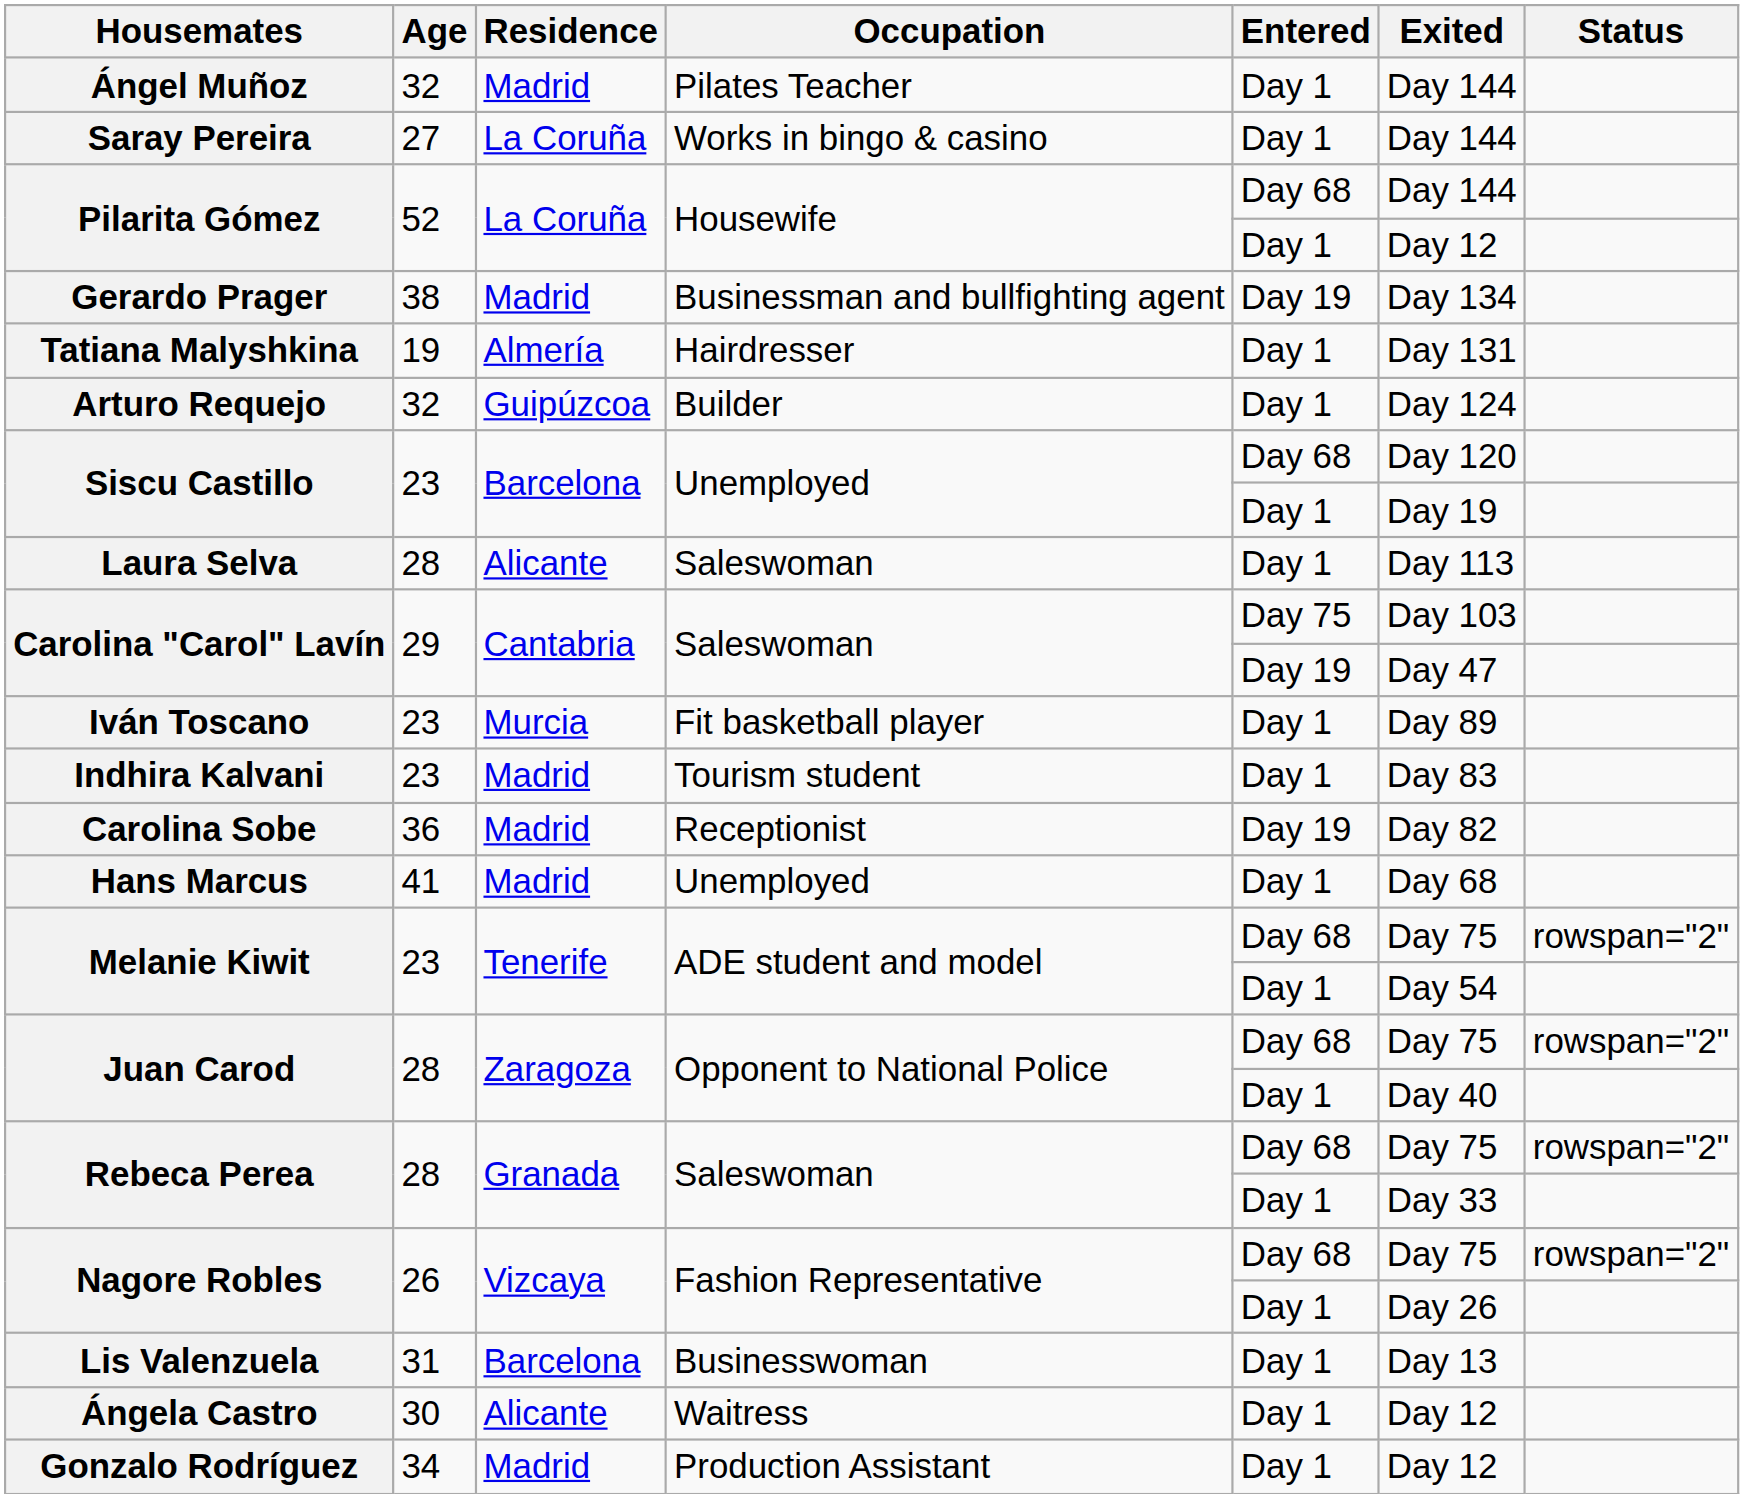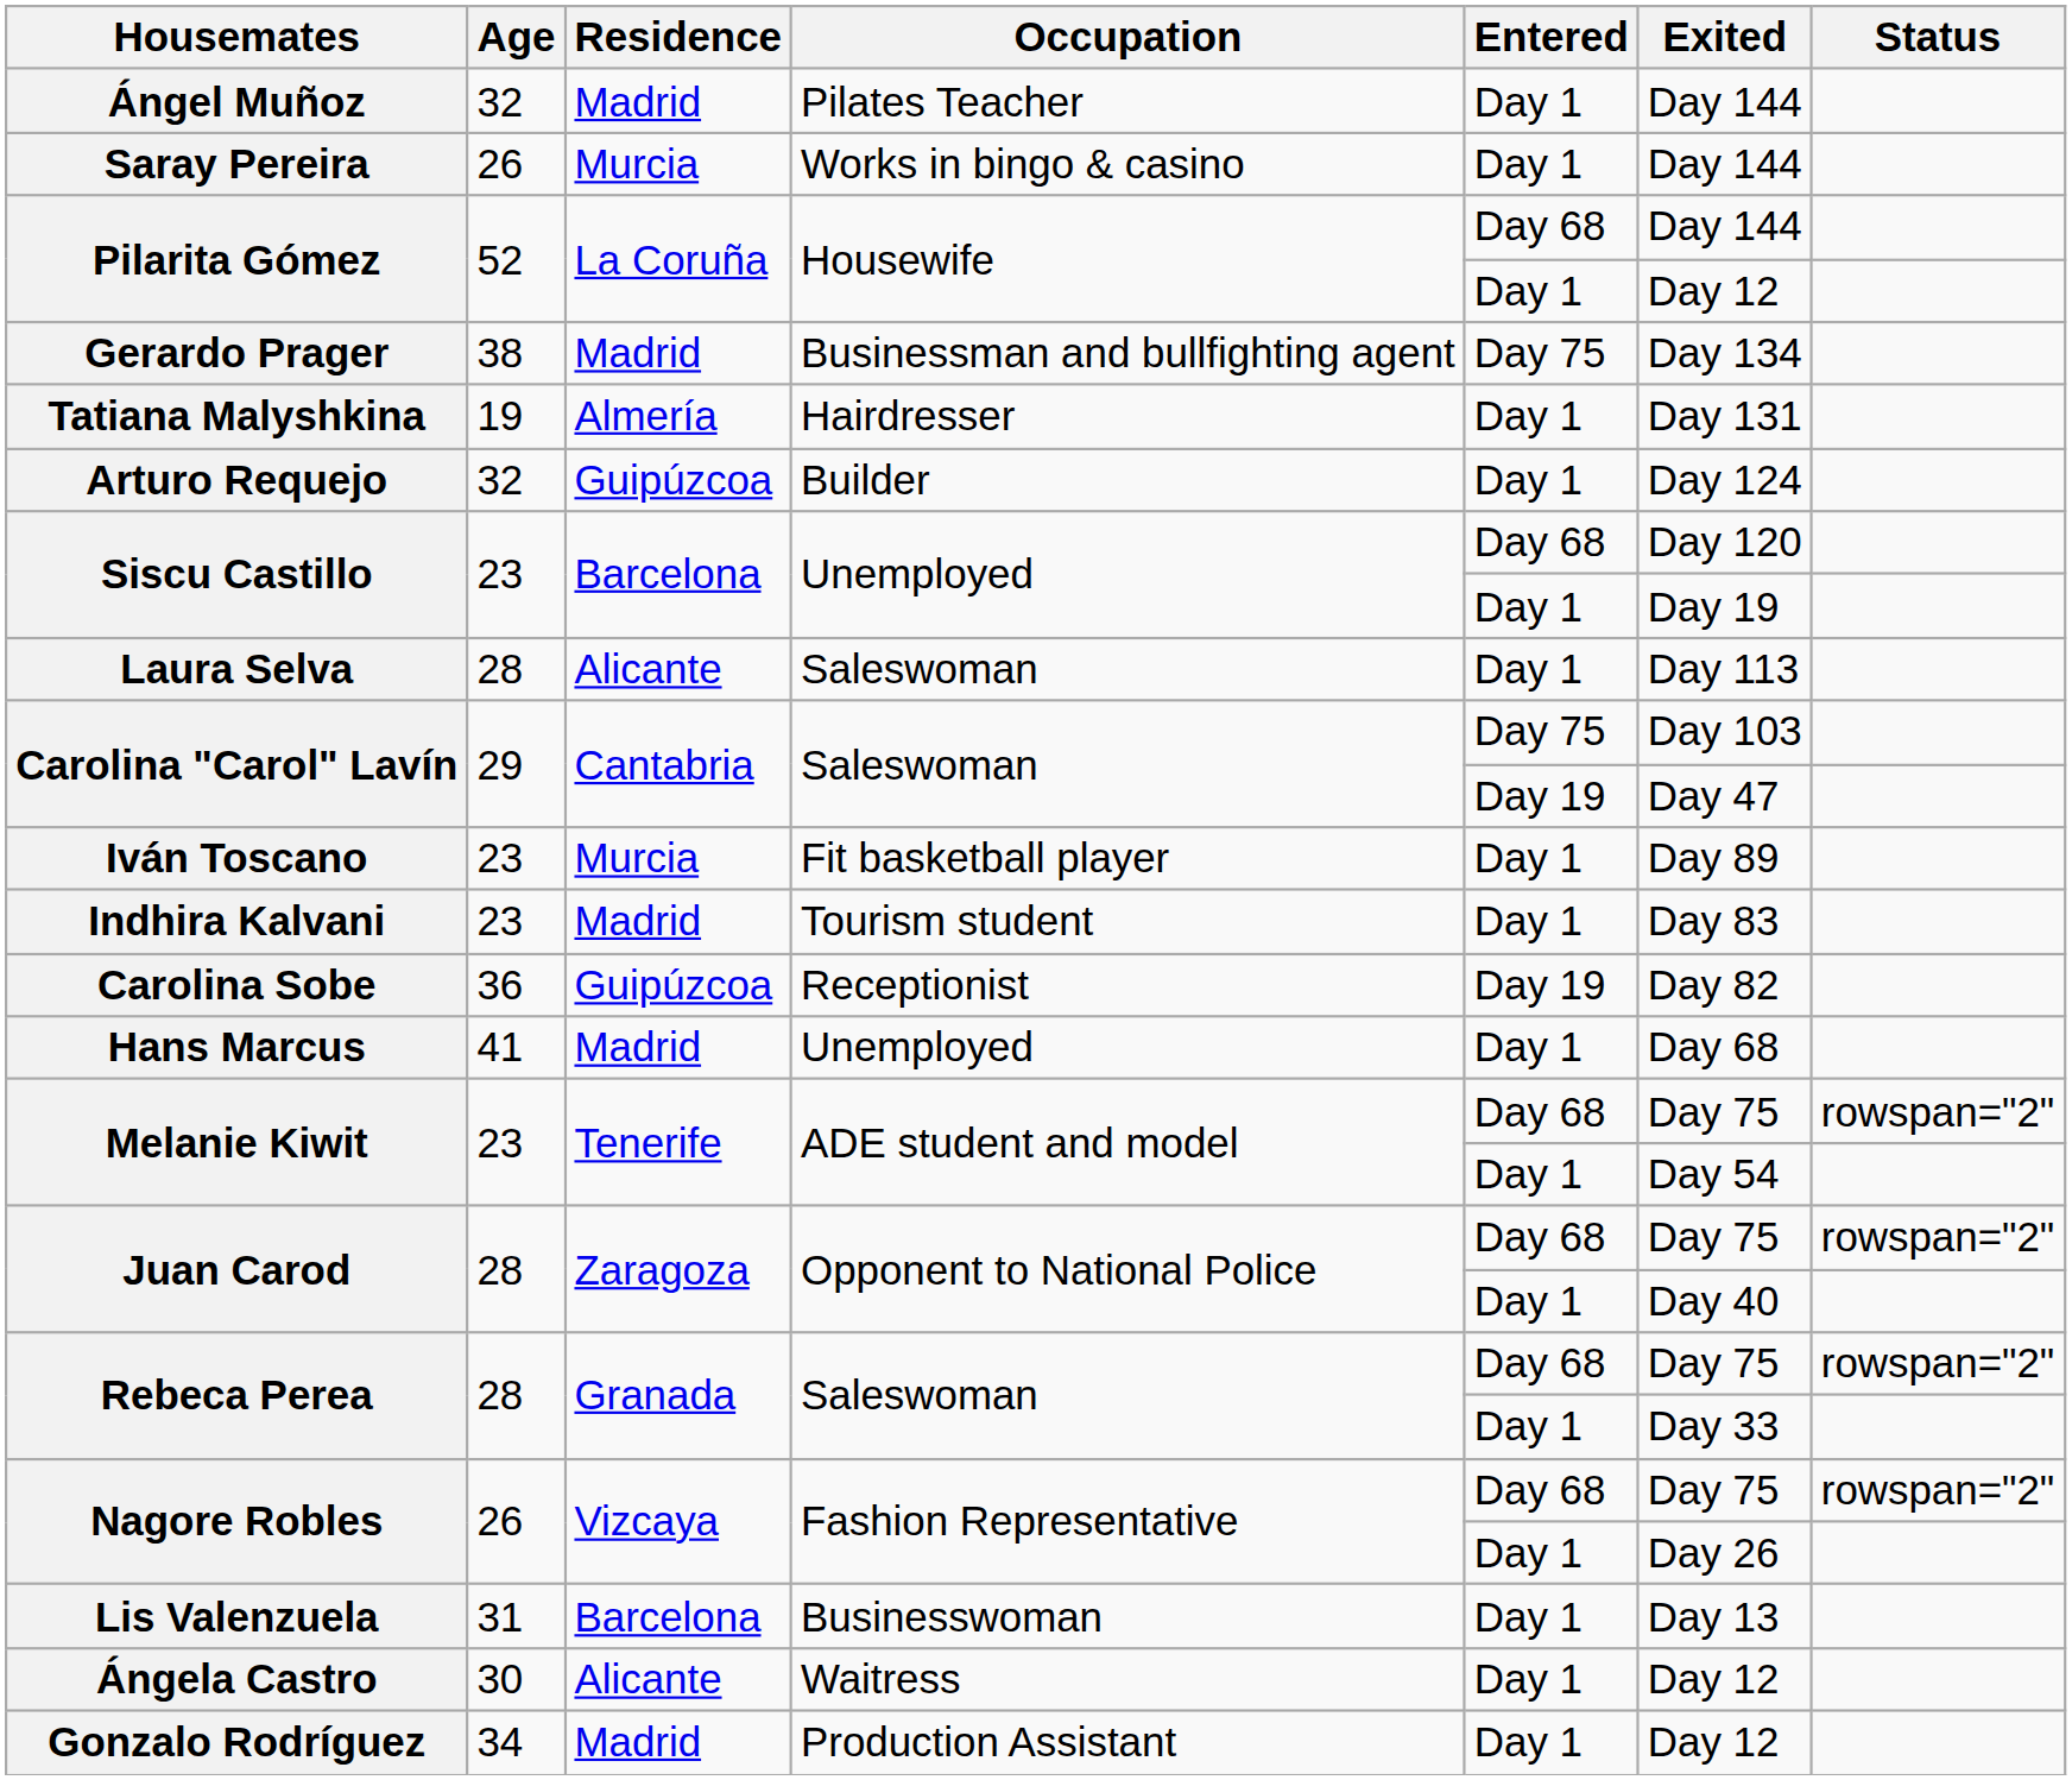 <table class="wikitable sortable" style="text-align:left; line-height:17px; width:auto;">
 <tr>
 <th>Housemates</th>
 <th>Age</th>
 <th>Residence</th>
 <th>Occupation</th>
 <th>Entered</th>
 <th>Exited</th>
 <th>Status</th>
 </tr>
 <tr>
 <th>Ángel Muñoz</th>
 <td>32</td>
 <td><a href='#'>Madrid</a></td>
 <td>Pilates Teacher</td>
 <td>Day 1</td>
 <td>Day 144</td>
 <td></td>
 </tr>
 <tr>
 <th>Saray Pereira</th>
-<td>27</td>
-<td><a href='#'>La Coruña</a></td>
+<td>26</td>
+<td><a href='#'>Murcia</a></td>
 <td>Works in bingo & casino</td>
 <td>Day 1</td>
 <td>Day 144</td>
 <td></td>
 </tr>
 <tr>
 <th rowspan="2">Pilarita Gómez</th>
 <td rowspan="2">52</td>
 <td rowspan="2"><a href='#'>La Coruña</a></td>
 <td rowspan="2">Housewife</td>
 <td>Day 68</td>
 <td>Day 144</td>
 <td></td>
 </tr>
 <tr>
 <td>Day 1</td>
 <td>Day 12</td>
 <td></td>
 </tr>
 <tr>
 <th>Gerardo Prager</th>
 <td>38</td>
 <td><a href='#'>Madrid</a></td>
 <td>Businessman and bullfighting agent</td>
-<td>Day 19</td>
+<td>Day 75</td>
 <td>Day 134</td>
 <td></td>
 </tr>
 <tr>
 <th>Tatiana Malyshkina</th>
 <td>19</td>
 <td><a href='#'>Almería</a></td>
 <td>Hairdresser</td>
 <td>Day 1</td>
 <td>Day 131</td>
 <td></td>
 </tr>
 <tr>
 <th>Arturo Requejo</th>
 <td>32</td>
 <td><a href='#'>Guipúzcoa</a></td>
 <td>Builder</td>
 <td>Day 1</td>
 <td>Day 124</td>
 <td></td>
 </tr>
 <tr>
 <th rowspan="2">Siscu Castillo</th>
 <td rowspan="2">23</td>
 <td rowspan="2"><a href='#'>Barcelona</a></td>
 <td rowspan="2">Unemployed</td>
 <td>Day 68</td>
 <td>Day 120</td>
 <td></td>
 </tr>
 <tr>
 <td>Day 1</td>
 <td>Day 19</td>
 <td></td>
 </tr>
 <tr>
 <th>Laura Selva</th>
 <td>28</td>
 <td><a href='#'>Alicante</a></td>
 <td>Saleswoman</td>
 <td>Day 1</td>
 <td>Day 113</td>
 <td></td>
 </tr>
 <tr>
 <th rowspan="2">Carolina "<strong>Carol"</strong> Lavín</th>
 <td rowspan="2">29</td>
 <td rowspan="2"><a href='#'>Cantabria</a></td>
 <td rowspan="2">Saleswoman</td>
 <td>Day 75</td>
 <td>Day 103</td>
 <td></td>
 </tr>
 <tr>
 <td>Day 19</td>
 <td>Day 47</td>
 <td></td>
 </tr>
 <tr>
 <th>Iván Toscano</th>
 <td>23</td>
 <td><a href='#'>Murcia</a></td>
 <td>Fit basketball player</td>
 <td>Day 1</td>
 <td>Day 89</td>
 <td></td>
 </tr>
 <tr>
 <th>Indhira Kalvani</th>
 <td>23</td>
 <td><a href='#'>Madrid</a></td>
 <td>Tourism student</td>
 <td>Day 1</td>
 <td>Day 83</td>
 <td></td>
 </tr>
 <tr>
 <th>Carolina Sobe</th>
 <td>36</td>
-<td><a href='#'>Madrid</a></td>
+<td><a href='#'>Guipúzcoa</a></td>
 <td>Receptionist</td>
 <td>Day 19</td>
 <td>Day 82</td>
 <td></td>
 </tr>
 <tr>
 <th>Hans Marcus</th>
 <td>41</td>
 <td><a href='#'>Madrid</a></td>
 <td>Unemployed</td>
 <td>Day 1</td>
 <td>Day 68</td>
 <td></td>
 </tr>
 <tr>
 <th rowspan="2">Melanie Kiwit</th>
 <td rowspan="2">23</td>
 <td rowspan="2"><a href='#'>Tenerife</a></td>
 <td rowspan="2">ADE student and model</td>
 <td>Day 68</td>
 <td>Day 75</td>
 <td>rowspan="2" </td>
 </tr>
 <tr>
 <td>Day 1</td>
 <td>Day 54</td>
 </tr>
 <tr>
 <th rowspan="2">Juan Carod</th>
 <td rowspan="2">28</td>
 <td rowspan="2"><a href='#'>Zaragoza</a></td>
 <td rowspan="2">Opponent to National Police</td>
 <td>Day 68</td>
 <td>Day 75</td>
 <td>rowspan="2" </td>
 </tr>
 <tr>
 <td>Day 1</td>
 <td>Day 40</td>
 </tr>
 <tr>
 <th rowspan="2">Rebeca Perea</th>
 <td rowspan="2">28</td>
 <td rowspan="2"><a href='#'>Granada</a></td>
 <td rowspan="2">Saleswoman</td>
 <td>Day 68</td>
 <td>Day 75</td>
 <td>rowspan="2" </td>
 </tr>
 <tr>
 <td>Day 1</td>
 <td>Day 33</td>
 </tr>
 <tr>
 <th rowspan="2">Nagore Robles</th>
 <td rowspan="2">26</td>
 <td rowspan="2"><a href='#'>Vizcaya</a></td>
 <td rowspan="2">Fashion Representative</td>
 <td>Day 68</td>
 <td>Day 75</td>
 <td>rowspan="2" </td>
 </tr>
 <tr>
 <td>Day 1</td>
 <td>Day 26</td>
 </tr>
 <tr>
 <th>Lis Valenzuela</th>
 <td>31</td>
 <td><a href='#'>Barcelona</a></td>
 <td>Businesswoman</td>
 <td>Day 1</td>
 <td>Day 13</td>
 <td></td>
 </tr>
 <tr>
 <th>Ángela Castro</th>
 <td>30</td>
 <td><a href='#'>Alicante</a></td>
 <td>Waitress</td>
 <td>Day 1</td>
 <td>Day 12</td>
 <td></td>
 </tr>
 <tr>
 <th>Gonzalo Rodríguez</th>
 <td>34</td>
 <td><a href='#'>Madrid</a></td>
 <td>Production Assistant</td>
 <td>Day 1</td>
 <td>Day 12</td>
 <td></td>
 </tr>
 </table>
